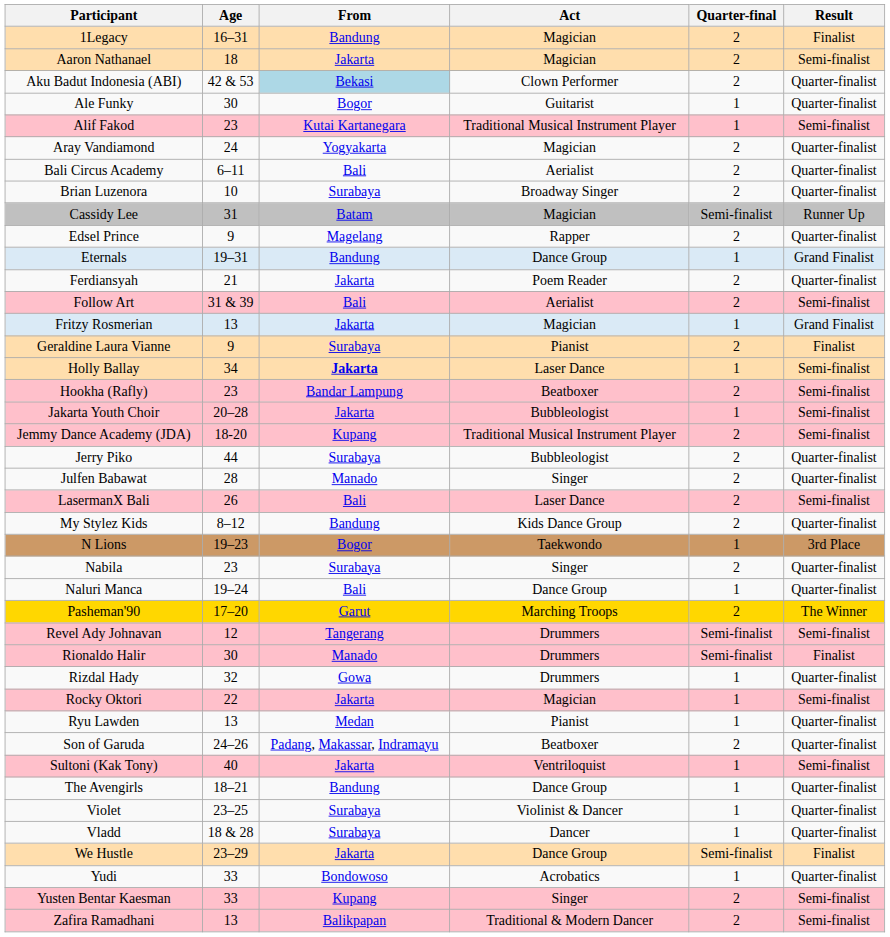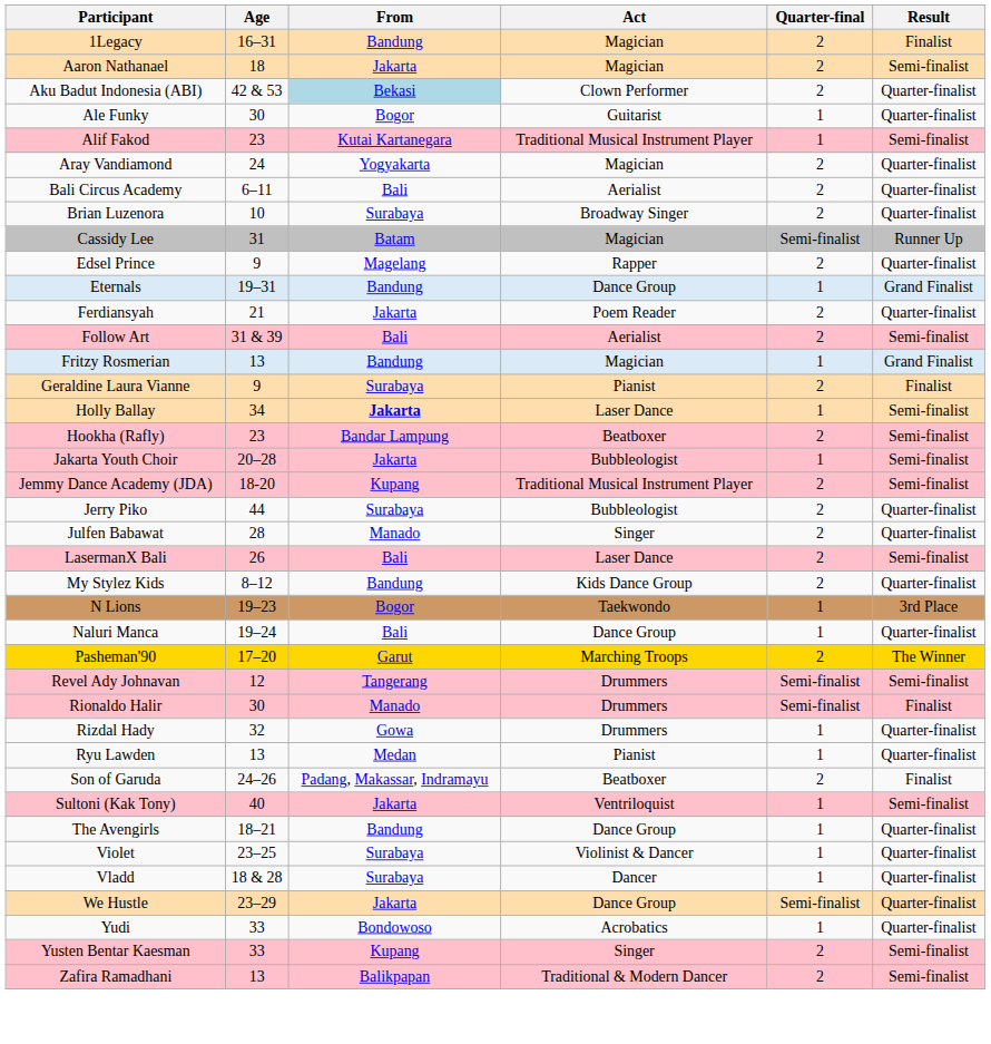 <table class="wikitable sortable" style="margin-left: auto; margin-right: auto; border: none; width:80%; text-align:center;">
 <tr>
 <th>Participant</th>
 <th class="unsortable">Age</th>
 <th class="unsortable">From</th>
 <th>Act</th>
 <th>Quarter-final</th>
 <th>Result</th>
 </tr>
 <tr style="background:NavajoWhite;">
 <td>1Legacy</td>
 <td>16–31</td>
 <td><a href='#'>Bandung</a></td>
 <td>Magician</td>
 <td>2</td>
 <td>Finalist</td>
 </tr>
 <tr style="background:NavajoWhite;">
 <td>Aaron Nathanael</td>
 <td>18</td>
 <td><a href='#'>Jakarta</a></td>
 <td>Magician</td>
 <td>2</td>
 <td>Semi-finalist</td>
 </tr>
 <tr>
 <td>Aku Badut Indonesia (ABI)</td>
 <td>42 & 53</td>
 <td style="background: lightblue;"><a href='#'>Bekasi</a></td>
 <td>Clown Performer</td>
 <td>2</td>
 <td>Quarter-finalist</td>
 </tr>
 <tr>
 <td>Ale Funky</td>
 <td>30</td>
 <td><a href='#'>Bogor</a></td>
 <td>Guitarist</td>
 <td>1</td>
 <td>Quarter-finalist</td>
 </tr>
 <tr style="background:pink;">
 <td>Alif Fakod</td>
 <td>23</td>
 <td><a href='#'>Kutai Kartanegara</a></td>
 <td>Traditional Musical Instrument Player</td>
 <td>1</td>
 <td>Semi-finalist</td>
 </tr>
 <tr>
 <td>Aray Vandiamond</td>
 <td>24</td>
 <td><a href='#'>Yogyakarta</a></td>
 <td>Magician</td>
 <td>2</td>
 <td>Quarter-finalist</td>
 </tr>
 <tr>
 <td>Bali Circus Academy</td>
 <td>6–11</td>
 <td><a href='#'>Bali</a></td>
 <td>Aerialist</td>
 <td>2</td>
 <td>Quarter-finalist</td>
 </tr>
 <tr>
 <td>Brian Luzenora</td>
 <td>10</td>
 <td><a href='#'>Surabaya</a></td>
 <td>Broadway Singer</td>
 <td>2</td>
 <td>Quarter-finalist</td>
 </tr>
 <tr style="background:silver">
 <td>Cassidy Lee</td>
 <td>31</td>
 <td><a href='#'>Batam</a></td>
 <td>Magician</td>
 <td>Semi-finalist</td>
 <td>Runner Up</td>
 </tr>
 <tr>
 <td>Edsel Prince</td>
 <td>9</td>
 <td><a href='#'>Magelang</a></td>
 <td>Rapper</td>
 <td>2</td>
 <td>Quarter-finalist</td>
 </tr>
 <tr style="background:#daeaf6;">
 <td>Eternals</td>
 <td>19–31</td>
 <td><a href='#'>Bandung</a></td>
 <td>Dance Group</td>
 <td>1</td>
 <td>Grand Finalist</td>
 </tr>
 <tr>
 <td>Ferdiansyah</td>
 <td>21</td>
 <td><a href='#'>Jakarta</a></td>
 <td>Poem Reader</td>
 <td>2</td>
 <td>Quarter-finalist</td>
 </tr>
 <tr style="background:pink;">
 <td>Follow Art</td>
 <td>31 & 39</td>
 <td><a href='#'>Bali</a></td>
 <td>Aerialist</td>
 <td>2</td>
 <td>Semi-finalist</td>
 </tr>
 <tr style="background:#daeaf6;">
 <td>Fritzy Rosmerian</td>
 <td>13</td>
-<td><a href='#'>Jakarta</a></td>
+<td><a href='#'>Bandung</a></td>
 <td>Magician</td>
 <td>1</td>
 <td>Grand Finalist</td>
 </tr>
 <tr style="background:NavajoWhite;">
 <td>Geraldine Laura Vianne</td>
 <td>9</td>
 <td><a href='#'>Surabaya</a></td>
 <td>Pianist</td>
 <td>2</td>
 <td>Finalist</td>
 </tr>
 <tr style="background:NavajoWhite;">
 <td>Holly Ballay</td>
 <td>34</td>
 <td><strong><a href='#'>Jakarta</a></strong></td>
 <td>Laser Dance</td>
 <td>1</td>
 <td>Semi-finalist</td>
 </tr>
 <tr style="background:pink;">
 <td>Hookha (Rafly)</td>
 <td>23</td>
 <td><a href='#'>Bandar Lampung</a></td>
 <td>Beatboxer</td>
 <td>2</td>
 <td>Semi-finalist</td>
 </tr>
 <tr style="background:pink;">
 <td>Jakarta Youth Choir</td>
 <td>20–28</td>
 <td><a href='#'>Jakarta</a></td>
 <td>Bubbleologist</td>
 <td>1</td>
 <td>Semi-finalist</td>
 </tr>
 <tr style="background:pink;">
 <td>Jemmy Dance Academy (JDA)</td>
 <td>18-20</td>
 <td><a href='#'>Kupang</a></td>
 <td>Traditional Musical Instrument Player</td>
 <td>2</td>
 <td>Semi-finalist</td>
 </tr>
 <tr>
 <td>Jerry Piko</td>
 <td>44</td>
 <td><a href='#'>Surabaya</a></td>
 <td>Bubbleologist</td>
 <td>2</td>
 <td>Quarter-finalist</td>
 </tr>
 <tr>
 <td>Julfen Babawat</td>
 <td>28</td>
 <td><a href='#'>Manado</a></td>
 <td>Singer</td>
 <td>2</td>
 <td>Quarter-finalist</td>
 </tr>
 <tr style="background:pink;">
 <td>LasermanX Bali</td>
 <td>26</td>
 <td><a href='#'>Bali</a></td>
 <td>Laser Dance</td>
 <td>2</td>
 <td>Semi-finalist</td>
 </tr>
 <tr>
 <td>My Stylez Kids</td>
 <td>8–12</td>
 <td><a href='#'>Bandung</a></td>
 <td>Kids Dance Group</td>
 <td>2</td>
 <td>Quarter-finalist</td>
 </tr>
 <tr style="background:#c96;">
 <td>N Lions</td>
 <td>19–23</td>
 <td><a href='#'>Bogor</a></td>
 <td>Taekwondo</td>
 <td>1</td>
 <td>3rd Place</td>
 </tr>
 <tr>
-<td>Nabila</td>
-<td>23</td>
-<td><a href='#'>Surabaya</a></td>
-<td>Singer</td>
-<td>2</td>
-<td>Quarter-finalist</td>
-</tr>
-<tr>
 <td>Naluri Manca</td>
 <td>19–24</td>
 <td><a href='#'>Bali</a></td>
 <td>Dance Group</td>
 <td>1</td>
 <td>Quarter-finalist</td>
 </tr>
 <tr style="background:gold;">
 <td>Pasheman'90</td>
 <td>17–20</td>
 <td><a href='#'>Garut</a></td>
 <td>Marching Troops</td>
 <td>2</td>
 <td>The Winner</td>
 </tr>
 <tr style="background:pink;">
 <td>Revel Ady Johnavan </td>
 <td>12</td>
 <td><a href='#'>Tangerang</a></td>
 <td>Drummers</td>
 <td>Semi-finalist</td>
 <td>Semi-finalist</td>
 </tr>
 <tr style="background:pink;">
 <td>Rionaldo Halir </td>
 <td>30</td>
 <td><a href='#'>Manado</a></td>
 <td>Drummers</td>
 <td>Semi-finalist</td>
 <td>Finalist</td>
 </tr>
 <tr>
 <td>Rizdal Hady</td>
 <td>32</td>
 <td><a href='#'>Gowa</a></td>
 <td>Drummers</td>
 <td>1</td>
 <td>Quarter-finalist</td>
 </tr>
-<tr style="background:pink;">
-<td>Rocky Oktori</td>
-<td>22</td>
-<td><a href='#'>Jakarta</a></td>
-<td>Magician</td>
-<td>1</td>
-<td>Semi-finalist</td>
-</tr>
 <tr>
 <td>Ryu Lawden</td>
 <td>13</td>
 <td><a href='#'>Medan</a></td>
 <td>Pianist</td>
 <td>1</td>
 <td>Quarter-finalist</td>
 </tr>
 <tr>
 <td>Son of Garuda</td>
 <td>24–26</td>
 <td><a href='#'>Padang</a>, <a href='#'>Makassar</a>, <a href='#'>Indramayu</a></td>
 <td>Beatboxer</td>
 <td>2</td>
-<td>Quarter-finalist</td>
+<td>Finalist</td>
 </tr>
 <tr style="background:pink;">
 <td>Sultoni (Kak Tony)</td>
 <td>40</td>
 <td><a href='#'>Jakarta</a></td>
 <td>Ventriloquist</td>
 <td>1</td>
 <td>Semi-finalist</td>
 </tr>
 <tr>
 <td>The Avengirls</td>
 <td>18–21</td>
 <td><a href='#'>Bandung</a></td>
 <td>Dance Group</td>
 <td>1</td>
 <td>Quarter-finalist</td>
 </tr>
 <tr>
 <td>Violet</td>
 <td>23–25</td>
 <td><a href='#'>Surabaya</a></td>
 <td>Violinist & Dancer</td>
 <td>1</td>
 <td>Quarter-finalist</td>
 </tr>
 <tr>
 <td>Vladd</td>
 <td>18 & 28</td>
 <td><a href='#'>Surabaya</a></td>
 <td>Dancer</td>
 <td>1</td>
 <td>Quarter-finalist</td>
 </tr>
 <tr style="background:NavajoWhite;">
 <td>We Hustle </td>
 <td>23–29</td>
 <td><a href='#'>Jakarta</a></td>
 <td>Dance Group</td>
 <td>Semi-finalist</td>
-<td>Finalist</td>
+<td>Quarter-finalist</td>
 </tr>
 <tr>
 <td>Yudi</td>
 <td>33</td>
 <td><a href='#'>Bondowoso</a></td>
 <td>Acrobatics</td>
 <td>1</td>
 <td>Quarter-finalist</td>
 </tr>
 <tr style="background:pink;">
 <td>Yusten Bentar Kaesman</td>
 <td>33</td>
 <td><a href='#'>Kupang</a></td>
 <td>Singer</td>
 <td>2</td>
 <td>Semi-finalist</td>
 </tr>
 <tr style="background:pink;">
 <td>Zafira Ramadhani</td>
 <td>13</td>
 <td><a href='#'>Balikpapan</a></td>
 <td>Traditional & Modern Dancer</td>
 <td>2</td>
 <td>Semi-finalist</td>
 </tr>
 </table>
